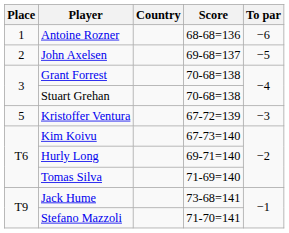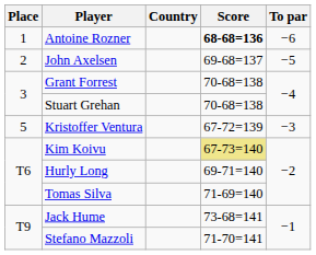 <table class="wikitable" style="font-size:95%;">
 <tr>
 <th>Place</th>
 <th>Player</th>
 <th>Country</th>
 <th>Score</th>
 <th>To par</th>
 </tr>
 <tr>
 <td align=center>1</td>
 <td><a href='#'>Antoine Rozner</a></td>
 <td></td>
-<td align=center>68-68=136</td>
+<td align=center><strong>68-68=136</strong></td>
 <td align=center>−6</td>
 </tr>
 <tr>
 <td align=center>2</td>
 <td><a href='#'>John Axelsen</a></td>
 <td></td>
 <td align=center>69-68=137</td>
 <td align=center>−5</td>
 </tr>
 <tr>
 <td rowspan="2" align=center>3</td>
 <td><a href='#'>Grant Forrest</a></td>
 <td></td>
 <td align="center">70-68=138</td>
 <td rowspan="2" align=center>−4</td>
 </tr>
 <tr>
 <td>Stuart Grehan</td>
 <td></td>
 <td align=center>70-68=138</td>
 </tr>
 <tr>
 <td align=center>5</td>
 <td><a href='#'>Kristoffer Ventura</a></td>
 <td></td>
 <td align=center>67-72=139</td>
 <td align=center>−3</td>
 </tr>
 <tr>
 <td rowspan="3" align=center>T6</td>
 <td><a href='#'>Kim Koivu</a></td>
 <td></td>
-<td align=center>67-73=140</td>
+<td align=center style="background: khaki;">67-73=140</td>
 <td rowspan="3" align=center>−2</td>
 </tr>
 <tr>
 <td><a href='#'>Hurly Long</a></td>
 <td></td>
 <td align=center>69-71=140</td>
 </tr>
 <tr>
 <td><a href='#'>Tomas Silva</a></td>
 <td></td>
 <td align=center>71-69=140</td>
 </tr>
 <tr>
 <td rowspan="2" align="center">T9</td>
 <td><a href='#'>Jack Hume</a></td>
 <td></td>
 <td align=center>73-68=141</td>
 <td rowspan="2" align=center>−1</td>
 </tr>
 <tr>
 <td><a href='#'>Stefano Mazzoli</a></td>
 <td></td>
 <td align=center>71-70=141</td>
 </tr>
 </table>
